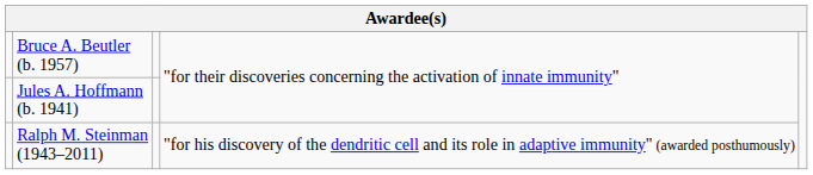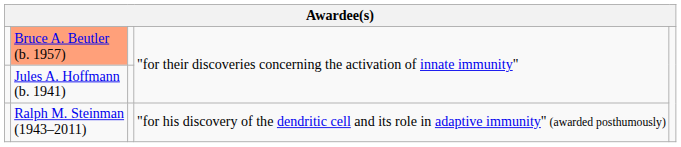 <table class="wikitable">
 <tr>
 <th colspan="5">Awardee(s)</th>
 </tr>
 <tr>
 <td></td>
-<td><a href='#'>Bruce A. Beutler</a><br>(b. 1957)</td>
+<td style="background: lightsalmon;"><a href='#'>Bruce A. Beutler</a><br>(b. 1957)</td>
 <td></td>
 <td rowspan="2">"for their discoveries concerning the activation of <a href='#'>innate immunity</a>"</td>
 <td rowspan="3"></td>
 </tr>
 <tr>
 <td></td>
 <td><a href='#'>Jules A. Hoffmann</a><br>(b. 1941)</td>
 <td></td>
 </tr>
 <tr>
 <td></td>
 <td><a href='#'>Ralph M. Steinman</a><br>(1943–2011)</td>
 <td></td>
 <td>"for his discovery of the <a href='#'>dendritic cell</a> and its role in <a href='#'>adaptive immunity</a>"<small> (awarded posthumously)</small></td>
 </tr>
 </table>
